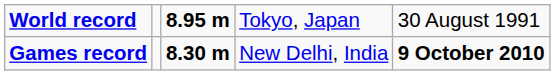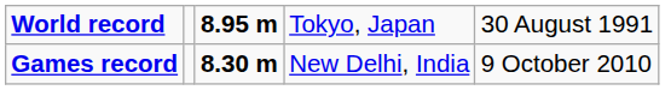 <table class="wikitable">
 <tr>
 <td><a href='#'><strong>World record</strong></a></td>
 <td></td>
 <td><strong>8.95 m</strong></td>
 <td><a href='#'>Tokyo</a>, <a href='#'>Japan</a></td>
 <td>30 August 1991</td>
 </tr>
 <tr>
 <td><a href='#'><strong>Games record</strong></a></td>
 <td></td>
 <td><strong>8.30 m</strong></td>
 <td><a href='#'>New Delhi</a>, <a href='#'>India</a></td>
-<td><strong>9 October 2010</strong></td>
+<td>9 October 2010</td>
 </tr>
 </table>
